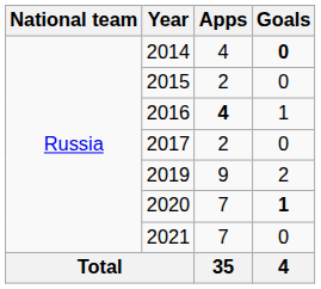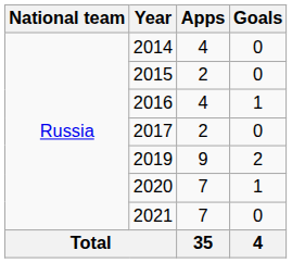 <table class=wikitable style=text-align:center>
 <tr>
 <th>National team</th>
 <th>Year</th>
 <th>Apps</th>
 <th>Goals</th>
 </tr>
 <tr>
 <td rowspan="7"><a href='#'>Russia</a></td>
 <td>2014</td>
 <td>4</td>
-<td><strong>0</strong></td>
+<td>0</td>
 </tr>
 <tr>
 <td>2015</td>
 <td>2</td>
 <td>0</td>
 </tr>
 <tr>
 <td>2016</td>
-<td><strong>4</strong></td>
+<td>4</td>
 <td>1</td>
 </tr>
 <tr>
 <td>2017</td>
 <td>2</td>
 <td>0</td>
 </tr>
 <tr>
 <td>2019</td>
 <td>9</td>
 <td>2</td>
 </tr>
 <tr>
 <td>2020</td>
 <td>7</td>
-<td><strong>1</strong></td>
+<td>1</td>
 </tr>
 <tr>
 <td>2021</td>
 <td>7</td>
 <td>0</td>
 </tr>
 <tr>
 <th colspan=2>Total</th>
 <th>35</th>
 <th>4</th>
 </tr>
 </table>
